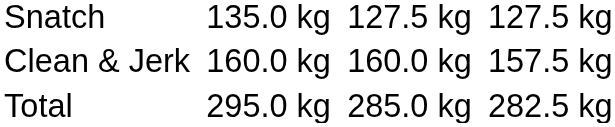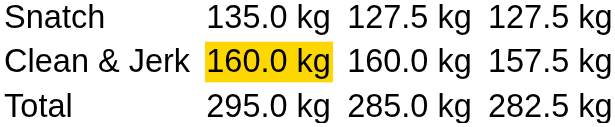 <table>
 <tr>
 <td>Snatch</td>
 <td></td>
 <td>135.0 kg</td>
 <td></td>
 <td>127.5 kg</td>
 <td></td>
 <td>127.5 kg</td>
 </tr>
 <tr>
 <td>Clean & Jerk</td>
 <td></td>
-<td>160.0 kg</td>
+<td style="background: gold;">160.0 kg</td>
 <td></td>
 <td>160.0 kg</td>
 <td></td>
 <td>157.5 kg</td>
 </tr>
 <tr>
 <td>Total</td>
 <td></td>
 <td>295.0 kg</td>
 <td></td>
 <td>285.0 kg</td>
 <td></td>
 <td>282.5 kg</td>
 </tr>
 </table>
